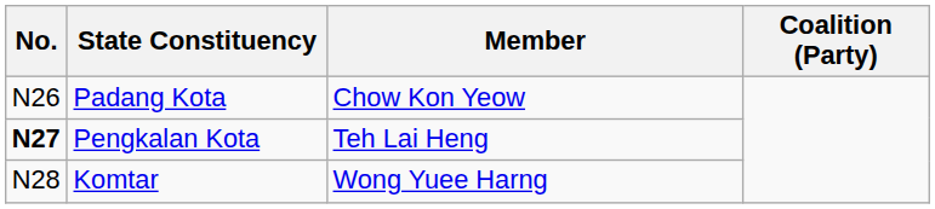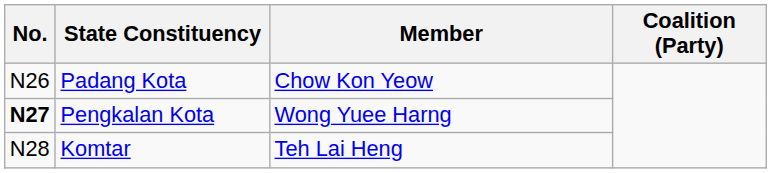 <table class="wikitable">
 <tr>
 <th width="30">No.</th>
 <th width="150">State Constituency</th>
 <th width="245">Member</th>
 <th width="105">Coalition (Party)</th>
 </tr>
 <tr>
 <td>N26</td>
 <td><a href='#'>Padang Kota</a></td>
 <td><a href='#'>Chow Kon Yeow</a></td>
 <td rowspan=3></td>
 </tr>
 <tr>
 <td><strong>N27</strong></td>
 <td><a href='#'>Pengkalan Kota</a></td>
-<td><a href='#'>Teh Lai Heng</a></td>
+<td><a href='#'>Wong Yuee Harng</a></td>
 </tr>
 <tr>
 <td>N28</td>
 <td><a href='#'>Komtar</a></td>
-<td><a href='#'>Wong Yuee Harng</a></td>
+<td><a href='#'>Teh Lai Heng</a></td>
 </tr>
 </table>
